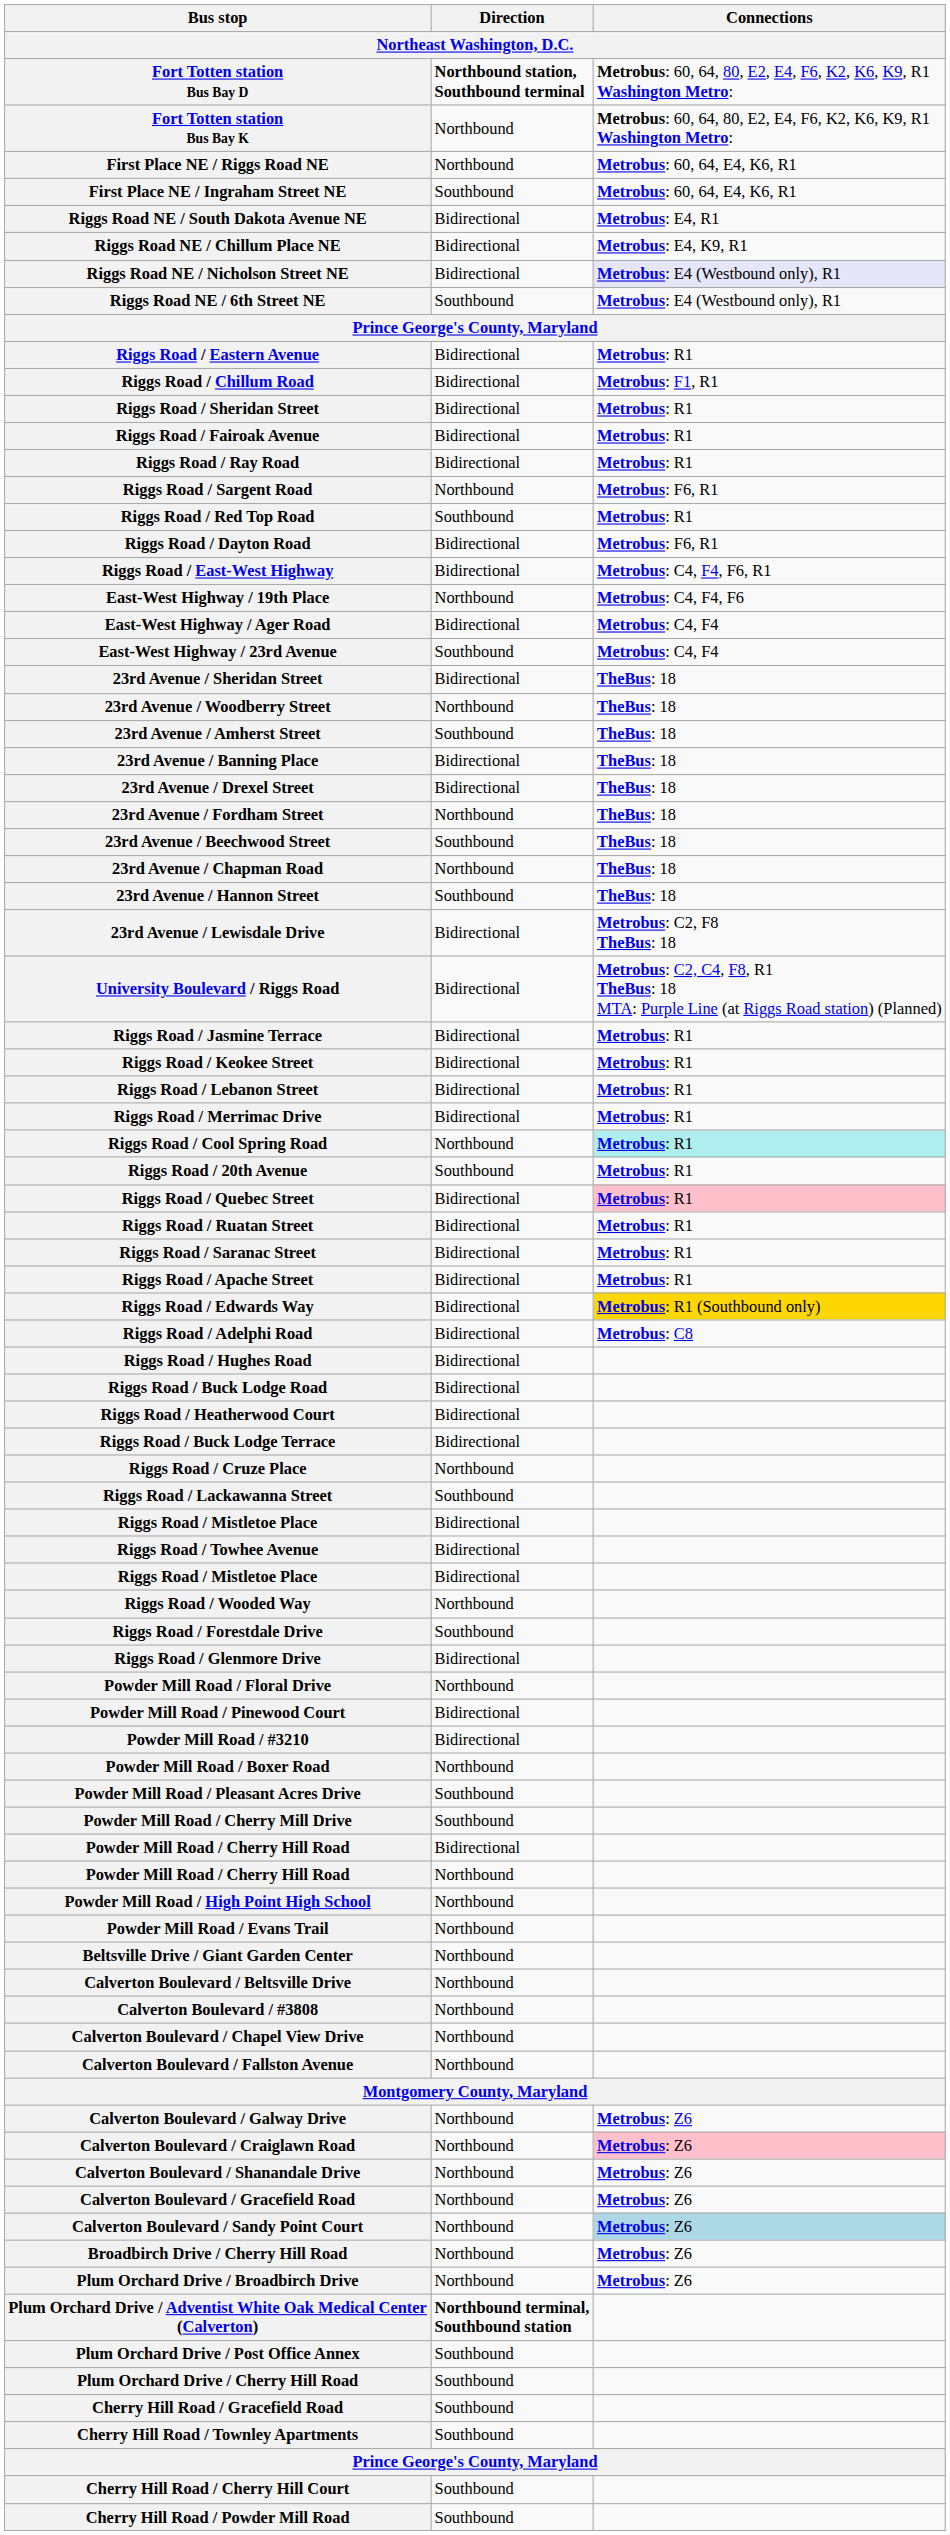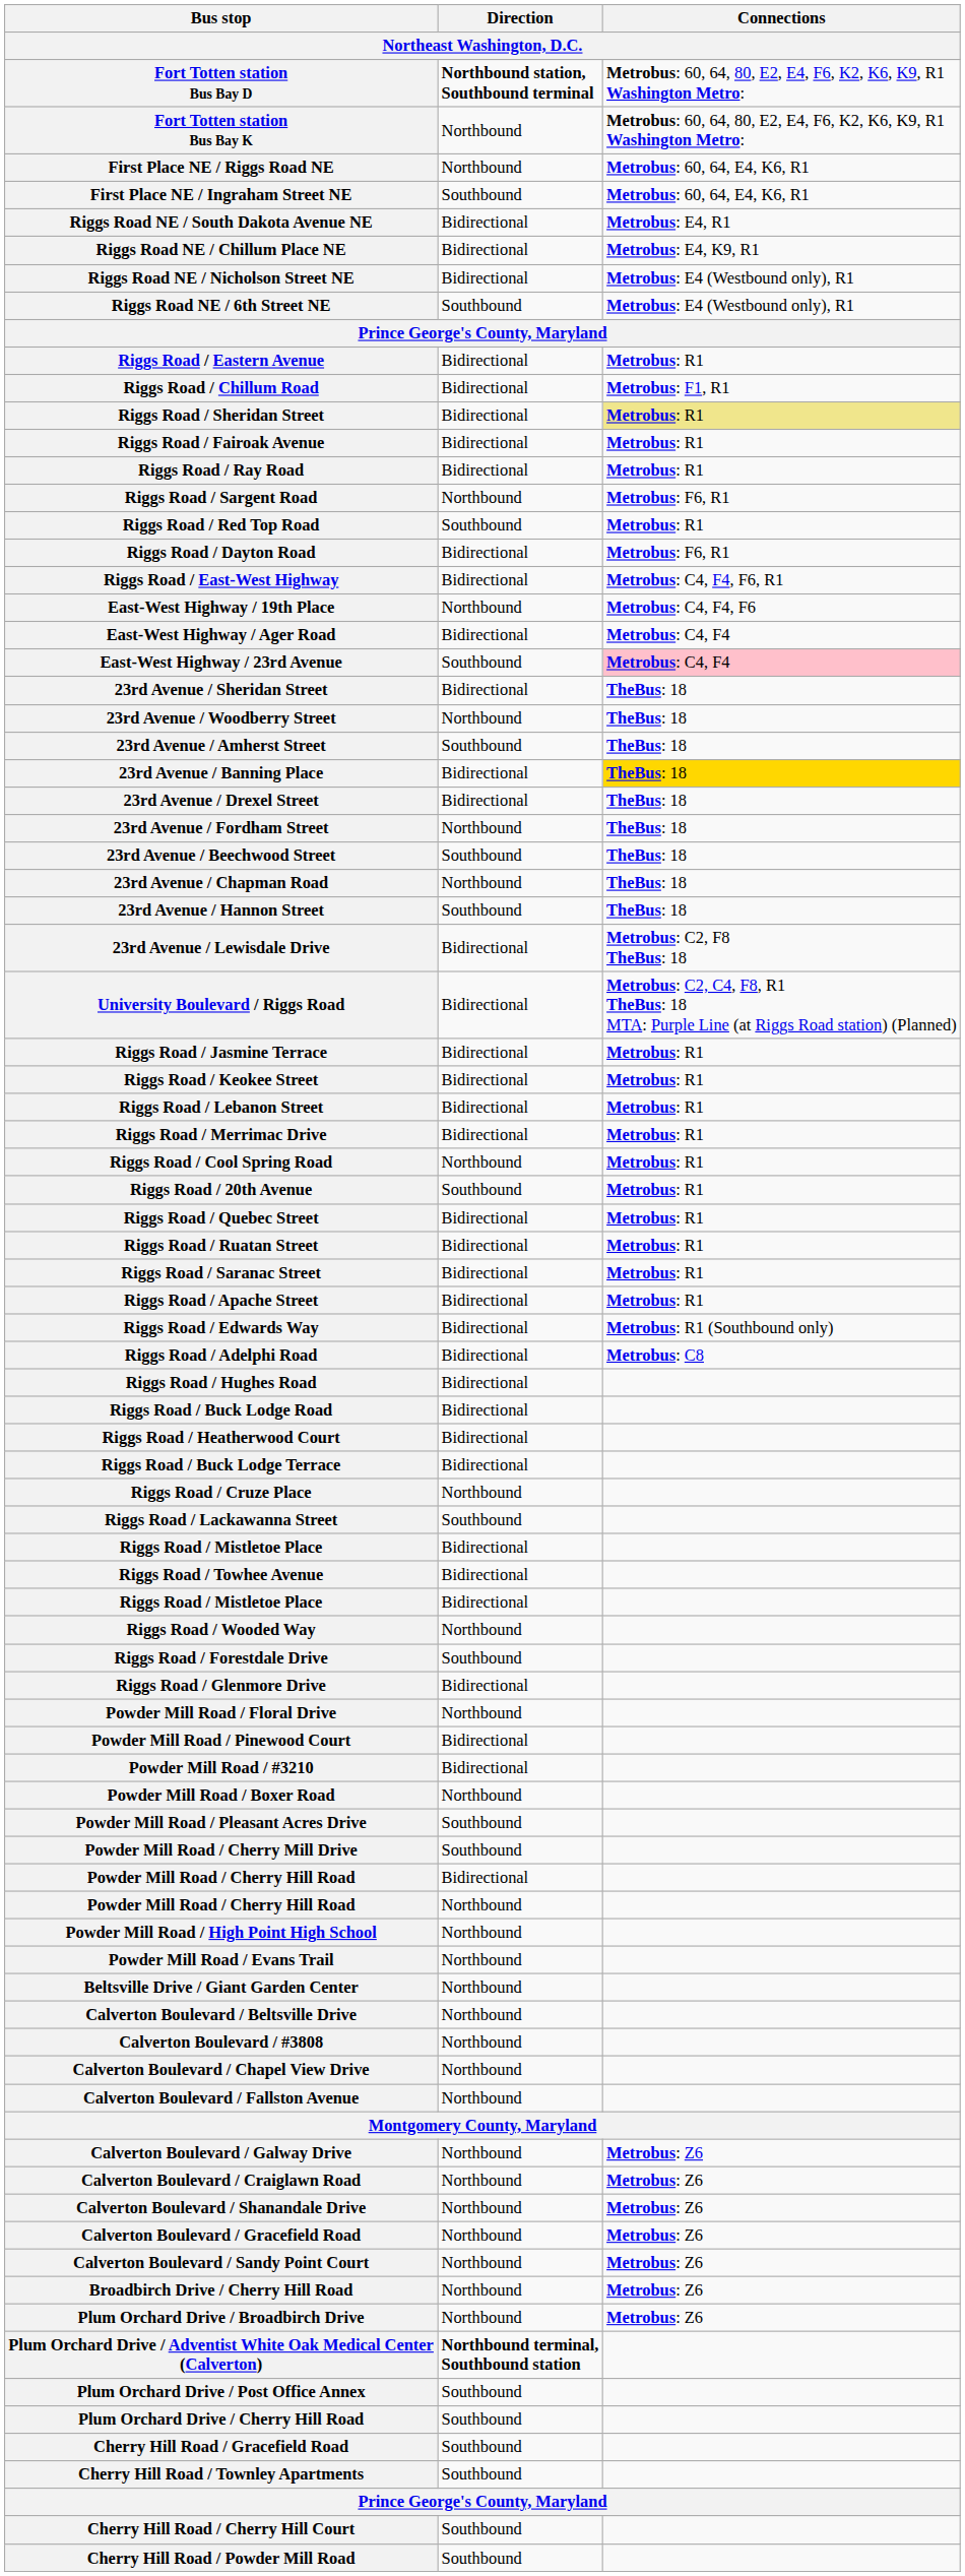 <table class="wikitable collapsible collapsed" style="font-size: 95%;">
 <tr>
 <th>Bus stop</th>
 <th>Direction</th>
 <th>Connections</th>
 </tr>
 <tr>
 <th colspan="5"><a href='#'>Northeast Washington, D.C.</a></th>
 </tr>
 <tr>
 <th><a href='#'>Fort Totten station</a><br><small>Bus Bay D</small></th>
 <td><strong>Northbound station,<br>Southbound terminal</strong></td>
 <td> <strong>Metrobus</strong>: 60, 64, <a href='#'>80</a>, <a href='#'>E2</a>, <a href='#'>E4</a>, <a href='#'>F6</a>, <a href='#'>K2</a>, <a href='#'>K6</a>, <a href='#'>K9</a>, R1<br> <strong><a href='#'>Washington Metro</a></strong>: </td>
 </tr>
 <tr>
 <th><a href='#'>Fort Totten station</a><br><small>Bus Bay K</small></th>
 <td>Northbound</td>
 <td> <strong>Metrobus</strong>: 60, 64, 80, E2, E4, F6, K2, K6, K9, R1<br> <strong><a href='#'>Washington Metro</a></strong>: </td>
 </tr>
 <tr>
 <th>First Place NE / Riggs Road NE</th>
 <td>Northbound</td>
 <td> <strong><a href='#'>Metrobus</a></strong>: 60, 64, E4, K6, R1</td>
 </tr>
 <tr>
 <th>First Place NE / Ingraham Street NE</th>
 <td>Southbound</td>
 <td> <strong><a href='#'>Metrobus</a></strong>: 60, 64, E4, K6, R1</td>
 </tr>
 <tr>
 <th>Riggs Road NE / South Dakota Avenue NE</th>
 <td>Bidirectional</td>
 <td> <strong><a href='#'>Metrobus</a></strong>: E4, R1</td>
 </tr>
 <tr>
 <th>Riggs Road NE / Chillum Place NE</th>
 <td>Bidirectional</td>
 <td> <strong><a href='#'>Metrobus</a></strong>: E4, K9, R1</td>
 </tr>
 <tr>
 <th>Riggs Road NE / Nicholson Street NE</th>
 <td>Bidirectional</td>
-<td style="background: lavender;"> <strong><a href='#'>Metrobus</a></strong>: E4 (Westbound only), R1</td>
+<td> <strong><a href='#'>Metrobus</a></strong>: E4 (Westbound only), R1</td>
 </tr>
 <tr>
 <th>Riggs Road NE / 6th Street NE</th>
 <td>Southbound</td>
 <td> <strong><a href='#'>Metrobus</a></strong>: E4 (Westbound only), R1</td>
 </tr>
 <tr>
 <th colspan="5"><a href='#'>Prince George's County, Maryland</a></th>
 </tr>
 <tr>
 <th><a href='#'>Riggs Road</a> / <a href='#'>Eastern Avenue</a></th>
 <td>Bidirectional</td>
 <td> <strong><a href='#'>Metrobus</a></strong>: R1</td>
 </tr>
 <tr>
 <th>Riggs Road / <a href='#'>Chillum Road</a></th>
 <td>Bidirectional</td>
 <td> <strong><a href='#'>Metrobus</a></strong>: <a href='#'>F1</a>, R1</td>
 </tr>
 <tr>
 <th>Riggs Road / Sheridan Street</th>
 <td>Bidirectional</td>
-<td> <strong><a href='#'>Metrobus</a></strong>: R1</td>
+<td style="background: khaki;"> <strong><a href='#'>Metrobus</a></strong>: R1</td>
 </tr>
 <tr>
 <th>Riggs Road / Fairoak Avenue</th>
 <td>Bidirectional</td>
 <td> <strong><a href='#'>Metrobus</a></strong>: R1</td>
 </tr>
 <tr>
 <th>Riggs Road / Ray Road</th>
 <td>Bidirectional</td>
 <td> <strong><a href='#'>Metrobus</a></strong>: R1</td>
 </tr>
 <tr>
 <th>Riggs Road / Sargent Road</th>
 <td>Northbound</td>
 <td> <strong><a href='#'>Metrobus</a></strong>: F6, R1</td>
 </tr>
 <tr>
 <th>Riggs Road / Red Top Road</th>
 <td>Southbound</td>
 <td> <strong><a href='#'>Metrobus</a></strong>: R1</td>
 </tr>
 <tr>
 <th>Riggs Road / Dayton Road</th>
 <td>Bidirectional</td>
 <td> <strong><a href='#'>Metrobus</a></strong>: F6, R1</td>
 </tr>
 <tr>
 <th>Riggs Road / <a href='#'>East-West Highway</a></th>
 <td>Bidirectional</td>
 <td> <strong><a href='#'>Metrobus</a></strong>: C4, <a href='#'>F4</a>, F6, R1</td>
 </tr>
 <tr>
 <th>East-West Highway / 19th Place</th>
 <td>Northbound</td>
 <td> <strong><a href='#'>Metrobus</a></strong>: C4, F4, F6</td>
 </tr>
 <tr>
 <th>East-West Highway / Ager Road</th>
 <td>Bidirectional</td>
 <td> <strong><a href='#'>Metrobus</a></strong>: C4, F4</td>
 </tr>
 <tr>
 <th>East-West Highway / 23rd Avenue</th>
 <td>Southbound</td>
-<td> <strong><a href='#'>Metrobus</a></strong>: C4, F4</td>
+<td style="background: pink;"> <strong><a href='#'>Metrobus</a></strong>: C4, F4</td>
 </tr>
 <tr>
 <th>23rd Avenue / Sheridan Street</th>
 <td>Bidirectional</td>
 <td> <strong><a href='#'>TheBus</a></strong>: 18</td>
 </tr>
 <tr>
 <th>23rd Avenue / Woodberry Street</th>
 <td>Northbound</td>
 <td> <strong><a href='#'>TheBus</a></strong>: 18</td>
 </tr>
 <tr>
 <th>23rd Avenue / Amherst Street</th>
 <td>Southbound</td>
 <td> <strong><a href='#'>TheBus</a></strong>: 18</td>
 </tr>
 <tr>
 <th>23rd Avenue / Banning Place</th>
 <td>Bidirectional</td>
-<td> <strong><a href='#'>TheBus</a></strong>: 18</td>
+<td style="background: gold;"> <strong><a href='#'>TheBus</a></strong>: 18</td>
 </tr>
 <tr>
 <th>23rd Avenue / Drexel Street</th>
 <td>Bidirectional</td>
 <td> <strong><a href='#'>TheBus</a></strong>: 18</td>
 </tr>
 <tr>
 <th>23rd Avenue / Fordham Street</th>
 <td>Northbound</td>
 <td> <strong><a href='#'>TheBus</a></strong>: 18</td>
 </tr>
 <tr>
 <th>23rd Avenue / Beechwood Street</th>
 <td>Southbound</td>
 <td> <strong><a href='#'>TheBus</a></strong>: 18</td>
 </tr>
 <tr>
 <th>23rd Avenue / Chapman Road</th>
 <td>Northbound</td>
 <td> <strong><a href='#'>TheBus</a></strong>: 18</td>
 </tr>
 <tr>
 <th>23rd Avenue / Hannon Street</th>
 <td>Southbound</td>
 <td> <strong><a href='#'>TheBus</a></strong>: 18</td>
 </tr>
 <tr>
 <th>23rd Avenue / Lewisdale Drive</th>
 <td>Bidirectional</td>
 <td> <strong><a href='#'>Metrobus</a></strong>: C2, F8<br> <strong><a href='#'>TheBus</a></strong>: 18</td>
 </tr>
 <tr>
 <th><a href='#'>University Boulevard</a> / Riggs Road</th>
 <td>Bidirectional</td>
 <td> <strong><a href='#'>Metrobus</a></strong>: <a href='#'>C2, C4</a>, <a href='#'>F8</a>, R1<br> <strong><a href='#'>TheBus</a></strong>: 18<br> <a href='#'>MTA</a>: <a href='#'>Purple Line</a> (at <a href='#'>Riggs Road station</a>) (Planned)</td>
 </tr>
 <tr>
 <th>Riggs Road / Jasmine Terrace</th>
 <td>Bidirectional</td>
 <td> <strong><a href='#'>Metrobus</a></strong>: R1</td>
 </tr>
 <tr>
 <th>Riggs Road / Keokee Street</th>
 <td>Bidirectional</td>
 <td> <strong><a href='#'>Metrobus</a></strong>: R1</td>
 </tr>
 <tr>
 <th>Riggs Road / Lebanon Street</th>
 <td>Bidirectional</td>
 <td> <strong><a href='#'>Metrobus</a></strong>: R1</td>
 </tr>
 <tr>
 <th>Riggs Road / Merrimac Drive</th>
 <td>Bidirectional</td>
 <td> <strong><a href='#'>Metrobus</a></strong>: R1</td>
 </tr>
 <tr>
 <th>Riggs Road / Cool Spring Road</th>
 <td>Northbound</td>
-<td style="background: paleturquoise;"> <strong><a href='#'>Metrobus</a></strong>: R1</td>
+<td> <strong><a href='#'>Metrobus</a></strong>: R1</td>
 </tr>
 <tr>
 <th>Riggs Road / 20th Avenue</th>
 <td>Southbound</td>
 <td> <strong><a href='#'>Metrobus</a></strong>: R1</td>
 </tr>
 <tr>
 <th>Riggs Road / Quebec Street</th>
 <td>Bidirectional</td>
-<td style="background: pink;"> <strong><a href='#'>Metrobus</a></strong>: R1</td>
+<td> <strong><a href='#'>Metrobus</a></strong>: R1</td>
 </tr>
 <tr>
 <th>Riggs Road / Ruatan Street</th>
 <td>Bidirectional</td>
 <td> <strong><a href='#'>Metrobus</a></strong>: R1</td>
 </tr>
 <tr>
 <th>Riggs Road / Saranac Street</th>
 <td>Bidirectional</td>
 <td> <strong><a href='#'>Metrobus</a></strong>: R1</td>
 </tr>
 <tr>
 <th>Riggs Road / Apache Street</th>
 <td>Bidirectional</td>
 <td> <strong><a href='#'>Metrobus</a></strong>: R1</td>
 </tr>
 <tr>
 <th>Riggs Road / Edwards Way</th>
 <td>Bidirectional</td>
-<td style="background: gold;"> <strong><a href='#'>Metrobus</a></strong>: R1 (Southbound only)</td>
+<td> <strong><a href='#'>Metrobus</a></strong>: R1 (Southbound only)</td>
 </tr>
 <tr>
 <th>Riggs Road / Adelphi Road</th>
 <td>Bidirectional</td>
 <td> <strong><a href='#'>Metrobus</a></strong>: <a href='#'>C8</a></td>
 </tr>
 <tr>
 <th>Riggs Road / Hughes Road</th>
 <td>Bidirectional</td>
 <td></td>
 </tr>
 <tr>
 <th>Riggs Road / Buck Lodge Road</th>
 <td>Bidirectional</td>
 <td></td>
 </tr>
 <tr>
 <th>Riggs Road / Heatherwood Court</th>
 <td>Bidirectional</td>
 <td></td>
 </tr>
 <tr>
 <th>Riggs Road / Buck Lodge Terrace</th>
 <td>Bidirectional</td>
 <td></td>
 </tr>
 <tr>
 <th>Riggs Road / Cruze Place</th>
 <td>Northbound</td>
 <td></td>
 </tr>
 <tr>
 <th>Riggs Road / Lackawanna Street</th>
 <td>Southbound</td>
 <td></td>
 </tr>
 <tr>
 <th>Riggs Road / Mistletoe Place</th>
 <td>Bidirectional</td>
 <td></td>
 </tr>
 <tr>
 <th>Riggs Road / Towhee Avenue</th>
 <td>Bidirectional</td>
 <td></td>
 </tr>
 <tr>
 <th>Riggs Road / Mistletoe Place</th>
 <td>Bidirectional</td>
 <td></td>
 </tr>
 <tr>
 <th>Riggs Road / Wooded Way</th>
 <td>Northbound</td>
 <td></td>
 </tr>
 <tr>
 <th>Riggs Road / Forestdale Drive</th>
 <td>Southbound</td>
 <td></td>
 </tr>
 <tr>
 <th>Riggs Road / Glenmore Drive</th>
 <td>Bidirectional</td>
 <td></td>
 </tr>
 <tr>
 <th>Powder Mill Road / Floral Drive</th>
 <td>Northbound</td>
 <td></td>
 </tr>
 <tr>
 <th>Powder Mill Road / Pinewood Court</th>
 <td>Bidirectional</td>
 <td></td>
 </tr>
 <tr>
 <th>Powder Mill Road / #3210</th>
 <td>Bidirectional</td>
 <td></td>
 </tr>
 <tr>
 <th>Powder Mill Road / Boxer Road</th>
 <td>Northbound</td>
 <td></td>
 </tr>
 <tr>
 <th>Powder Mill Road / Pleasant Acres Drive</th>
 <td>Southbound</td>
 <td></td>
 </tr>
 <tr>
 <th>Powder Mill Road / Cherry Mill Drive</th>
 <td>Southbound</td>
 <td></td>
 </tr>
 <tr>
 <th>Powder Mill Road / Cherry Hill Road</th>
 <td>Bidirectional</td>
 <td></td>
 </tr>
 <tr>
 <th>Powder Mill Road / Cherry Hill Road</th>
 <td>Northbound</td>
 <td></td>
 </tr>
 <tr>
 <th>Powder Mill Road / <a href='#'>High Point High School</a></th>
 <td>Northbound</td>
 <td></td>
 </tr>
 <tr>
 <th>Powder Mill Road / Evans Trail</th>
 <td>Northbound</td>
 <td></td>
 </tr>
 <tr>
 <th>Beltsville Drive / Giant Garden Center</th>
 <td>Northbound</td>
 <td></td>
 </tr>
 <tr>
 <th>Calverton Boulevard / Beltsville Drive</th>
 <td>Northbound</td>
 <td></td>
 </tr>
 <tr>
 <th>Calverton Boulevard / #3808</th>
 <td>Northbound</td>
 <td></td>
 </tr>
 <tr>
 <th>Calverton Boulevard / Chapel View Drive</th>
 <td>Northbound</td>
 <td></td>
 </tr>
 <tr>
 <th>Calverton Boulevard / Fallston Avenue</th>
 <td>Northbound</td>
 <td></td>
 </tr>
 <tr>
 <th colspan="5"><a href='#'>Montgomery County, Maryland</a></th>
 </tr>
 <tr>
 <th>Calverton Boulevard / Galway Drive</th>
 <td>Northbound</td>
 <td> <strong><a href='#'>Metrobus</a></strong>: <a href='#'>Z6</a></td>
 </tr>
 <tr>
 <th>Calverton Boulevard / Craiglawn Road</th>
 <td>Northbound</td>
-<td style="background: pink;"> <strong><a href='#'>Metrobus</a></strong>: Z6</td>
+<td> <strong><a href='#'>Metrobus</a></strong>: Z6</td>
 </tr>
 <tr>
 <th>Calverton Boulevard / Shanandale Drive</th>
 <td>Northbound</td>
 <td> <strong><a href='#'>Metrobus</a></strong>: Z6</td>
 </tr>
 <tr>
 <th>Calverton Boulevard / Gracefield Road</th>
 <td>Northbound</td>
 <td> <strong><a href='#'>Metrobus</a></strong>: Z6</td>
 </tr>
 <tr>
 <th>Calverton Boulevard / Sandy Point Court</th>
 <td>Northbound</td>
-<td style="background: lightblue;"> <strong><a href='#'>Metrobus</a></strong>: Z6</td>
+<td> <strong><a href='#'>Metrobus</a></strong>: Z6</td>
 </tr>
 <tr>
 <th>Broadbirch Drive / Cherry Hill Road</th>
 <td>Northbound</td>
 <td> <strong><a href='#'>Metrobus</a></strong>: Z6</td>
 </tr>
 <tr>
 <th>Plum Orchard Drive / Broadbirch Drive</th>
 <td>Northbound</td>
 <td> <strong><a href='#'>Metrobus</a></strong>: Z6</td>
 </tr>
 <tr>
 <th>Plum Orchard Drive / <a href='#'>Adventist White Oak Medical Center</a><br>(<a href='#'>Calverton</a>)</th>
 <td><strong>Northbound terminal,<br>Southbound station</strong></td>
 <td></td>
 </tr>
 <tr>
 <th>Plum Orchard Drive / Post Office Annex</th>
 <td>Southbound</td>
 <td></td>
 </tr>
 <tr>
 <th>Plum Orchard Drive / Cherry Hill Road</th>
 <td>Southbound</td>
 <td></td>
 </tr>
 <tr>
 <th>Cherry Hill Road / Gracefield Road</th>
 <td>Southbound</td>
 <td></td>
 </tr>
 <tr>
 <th>Cherry Hill Road / Townley Apartments</th>
 <td>Southbound</td>
 <td></td>
 </tr>
 <tr>
 <th colspan="5"><a href='#'>Prince George's County, Maryland</a></th>
 </tr>
 <tr>
 <th>Cherry Hill Road / Cherry Hill Court</th>
 <td>Southbound</td>
 <td></td>
 </tr>
 <tr>
 <th>Cherry Hill Road / Powder Mill Road</th>
 <td>Southbound</td>
 <td></td>
 </tr>
 <tr>
 </tr>
 </table>
